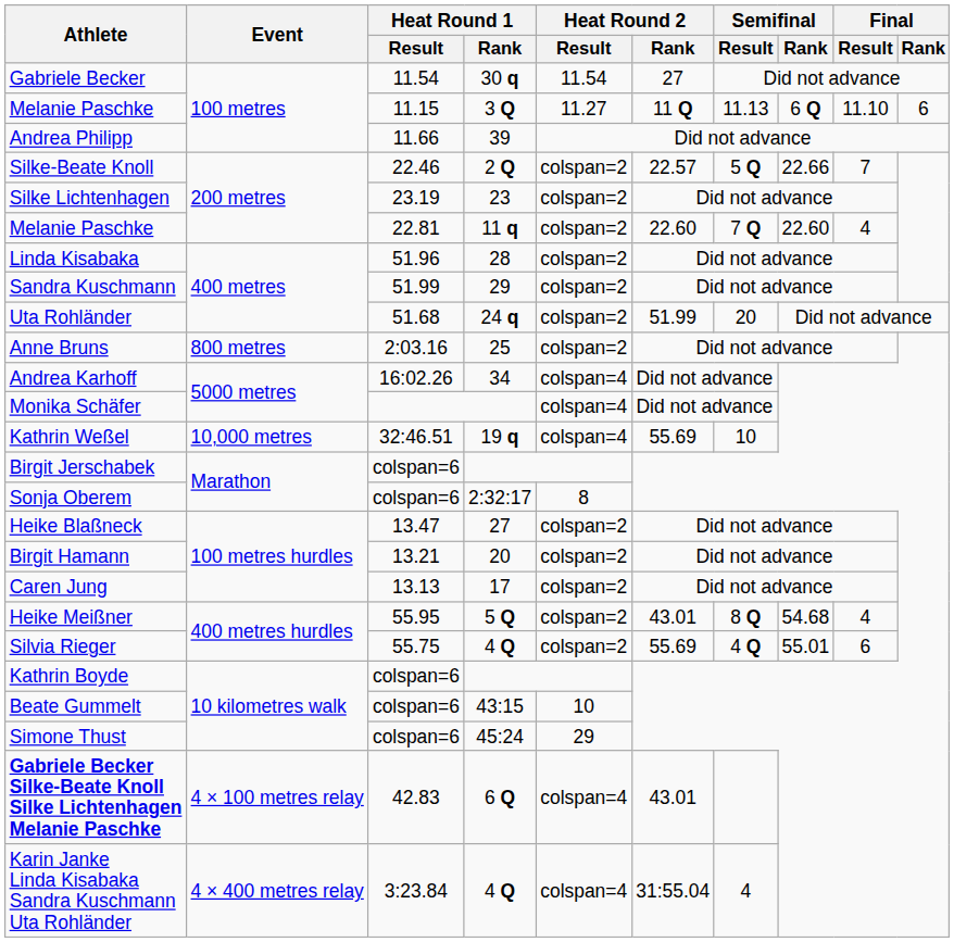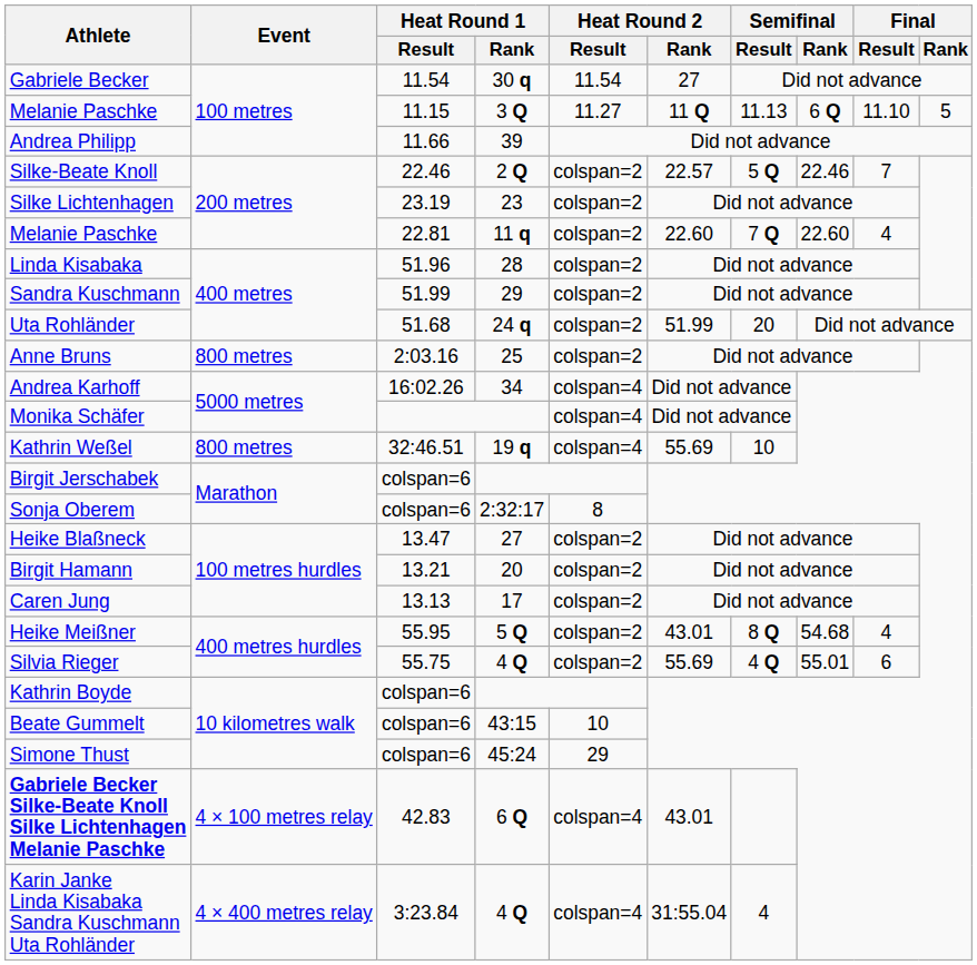 <table class=wikitable style=font-size:90%>
 <tr>
 <th rowspan=2>Athlete</th>
 <th rowspan=2>Event</th>
 <th colspan=2>Heat Round 1</th>
 <th colspan=2>Heat Round 2</th>
 <th colspan=2>Semifinal</th>
 <th colspan=2>Final</th>
 </tr>
 <tr style=font-size:95%>
 <th>Result</th>
 <th>Rank</th>
 <th>Result</th>
 <th>Rank</th>
 <th>Result</th>
 <th>Rank</th>
 <th>Result</th>
 <th>Rank</th>
 </tr>
 <tr align=center>
 <td align=left><a href='#'>Gabriele Becker</a></td>
 <td align=left rowspan=3><a href='#'>100 metres</a></td>
 <td>11.54</td>
 <td>30 <strong>q</strong></td>
 <td>11.54</td>
 <td>27</td>
 <td colspan=4>Did not advance</td>
 </tr>
 <tr align=center>
 <td align=left><a href='#'>Melanie Paschke</a></td>
 <td>11.15</td>
 <td>3 <strong>Q</strong></td>
 <td>11.27</td>
 <td>11 <strong>Q</strong></td>
 <td>11.13</td>
 <td>6 <strong>Q</strong></td>
 <td>11.10</td>
-<td>6</td>
+<td>5</td>
 </tr>
 <tr align=center>
 <td align=left><a href='#'>Andrea Philipp</a></td>
 <td>11.66</td>
 <td>39</td>
 <td colspan=6>Did not advance</td>
 </tr>
 <tr align=center>
 <td align=left><a href='#'>Silke-Beate Knoll</a></td>
 <td align=left rowspan=3><a href='#'>200 metres</a></td>
 <td>22.46</td>
 <td>2 <strong>Q</strong></td>
 <td>colspan=2</td>
 <td>22.57</td>
 <td>5 <strong>Q</strong></td>
-<td>22.66</td>
+<td>22.46</td>
 <td>7</td>
 </tr>
 <tr align=center>
 <td align=left><a href='#'>Silke Lichtenhagen</a></td>
 <td>23.19</td>
 <td>23</td>
 <td>colspan=2</td>
 <td colspan=4>Did not advance</td>
 </tr>
 <tr align=center>
 <td align=left><a href='#'>Melanie Paschke</a></td>
 <td>22.81</td>
 <td>11 <strong>q</strong></td>
 <td>colspan=2</td>
 <td>22.60</td>
 <td>7 <strong>Q</strong></td>
 <td>22.60</td>
 <td>4</td>
 </tr>
 <tr align=center>
 <td align=left><a href='#'>Linda Kisabaka</a></td>
 <td align=left rowspan=3><a href='#'>400 metres</a></td>
 <td>51.96</td>
 <td>28</td>
 <td>colspan=2</td>
 <td colspan=4>Did not advance</td>
 </tr>
 <tr align=center>
 <td align=left><a href='#'>Sandra Kuschmann</a></td>
 <td>51.99</td>
 <td>29</td>
 <td>colspan=2</td>
 <td colspan=4>Did not advance</td>
 </tr>
 <tr align=center>
 <td align=left><a href='#'>Uta Rohländer</a></td>
 <td>51.68</td>
 <td>24 <strong>q</strong></td>
 <td>colspan=2</td>
 <td>51.99</td>
 <td>20</td>
 <td colspan=4>Did not advance</td>
 </tr>
 <tr align=center>
 <td align=left><a href='#'>Anne Bruns</a></td>
 <td align=left><a href='#'>800 metres</a></td>
 <td>2:03.16</td>
 <td>25</td>
 <td>colspan=2</td>
 <td colspan=4>Did not advance</td>
 </tr>
 <tr align=center>
 <td align=left><a href='#'>Andrea Karhoff</a></td>
 <td align=left rowspan=2><a href='#'>5000 metres</a></td>
 <td>16:02.26</td>
 <td>34</td>
 <td>colspan=4</td>
 <td colspan=2>Did not advance</td>
 </tr>
 <tr align=center>
 <td align=left><a href='#'>Monika Schäfer</a></td>
 <td colspan=2></td>
 <td>colspan=4</td>
 <td colspan=2>Did not advance</td>
 </tr>
 <tr align=center>
 <td align=left><a href='#'>Kathrin Weßel</a></td>
-<td align=left><a href='#'>10,000 metres</a></td>
+<td align=left><a href='#'>800 metres</a></td>
 <td>32:46.51</td>
 <td>19 <strong>q</strong></td>
 <td>colspan=4</td>
 <td>55.69</td>
 <td>10</td>
 </tr>
 <tr align=center>
 <td align=left><a href='#'>Birgit Jerschabek</a></td>
 <td align=left rowspan=2><a href='#'>Marathon</a></td>
 <td>colspan=6</td>
 <td colspan=2></td>
 </tr>
 <tr align=center>
 <td align=left><a href='#'>Sonja Oberem</a></td>
 <td>colspan=6</td>
 <td>2:32:17</td>
 <td>8</td>
 </tr>
 <tr align=center>
 <td align=left><a href='#'>Heike Blaßneck</a></td>
 <td align=left rowspan=3><a href='#'>100 metres hurdles</a></td>
 <td>13.47</td>
 <td>27</td>
 <td>colspan=2</td>
 <td colspan=4>Did not advance</td>
 </tr>
 <tr align=center>
 <td align=left><a href='#'>Birgit Hamann</a></td>
 <td>13.21</td>
 <td>20</td>
 <td>colspan=2</td>
 <td colspan=4>Did not advance</td>
 </tr>
 <tr align=center>
 <td align=left><a href='#'>Caren Jung</a></td>
 <td>13.13</td>
 <td>17</td>
 <td>colspan=2</td>
 <td colspan=4>Did not advance</td>
 </tr>
 <tr align=center>
 <td align=left><a href='#'>Heike Meißner</a></td>
 <td align=left rowspan=2><a href='#'>400 metres hurdles</a></td>
 <td>55.95</td>
 <td>5 <strong>Q</strong></td>
 <td>colspan=2</td>
 <td>43.01</td>
 <td>8 <strong>Q</strong></td>
 <td>54.68</td>
 <td>4</td>
 </tr>
 <tr align=center>
 <td align=left><a href='#'>Silvia Rieger</a></td>
 <td>55.75</td>
 <td>4 <strong>Q</strong></td>
 <td>colspan=2</td>
 <td>55.69</td>
 <td>4 <strong>Q</strong></td>
 <td>55.01</td>
 <td>6</td>
 </tr>
 <tr align=center>
 <td align=left><a href='#'>Kathrin Boyde</a></td>
 <td align=left rowspan=3><a href='#'>10 kilometres walk</a></td>
 <td>colspan=6</td>
 <td colspan=2></td>
 </tr>
 <tr align=center>
 <td align=left><a href='#'>Beate Gummelt</a></td>
 <td>colspan=6</td>
 <td>43:15</td>
 <td>10</td>
 </tr>
 <tr align=center>
 <td align=left><a href='#'>Simone Thust</a></td>
 <td>colspan=6</td>
 <td>45:24</td>
 <td>29</td>
 </tr>
 <tr align=center>
 <td align=left><strong><a href='#'>Gabriele Becker</a><br><a href='#'>Silke-Beate Knoll</a><br><a href='#'>Silke Lichtenhagen</a><br><a href='#'>Melanie Paschke</a></strong></td>
 <td align=left><a href='#'>4 × 100 metres relay</a></td>
 <td>42.83</td>
 <td>6 <strong>Q</strong></td>
 <td>colspan=4</td>
 <td>43.01</td>
 <td></td>
 </tr>
 <tr align=center>
 <td align=left><a href='#'>Karin Janke</a><br><a href='#'>Linda Kisabaka</a><br><a href='#'>Sandra Kuschmann</a><br><a href='#'>Uta Rohländer</a></td>
 <td align=left><a href='#'>4 × 400 metres relay</a></td>
 <td>3:23.84</td>
 <td>4 <strong>Q</strong></td>
 <td>colspan=4</td>
 <td>31:55.04</td>
 <td>4</td>
 </tr>
 </table>
